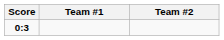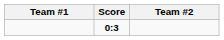 <table class="wikitable" style="text-align:center;">
 <tr>
+<th width=140>Team #1</th>
 <th width=50>Score</th>
-<th width=140>Team #1</th>
 <th width=140>Team #2</th>
 </tr>
 <tr>
+<td style="text-align:right;"></td>
 <td><strong>0:3</strong></td>
-<td style="text-align:right;"></td>
 <td style="text-align:left;"></td>
 </tr>
 </table>
